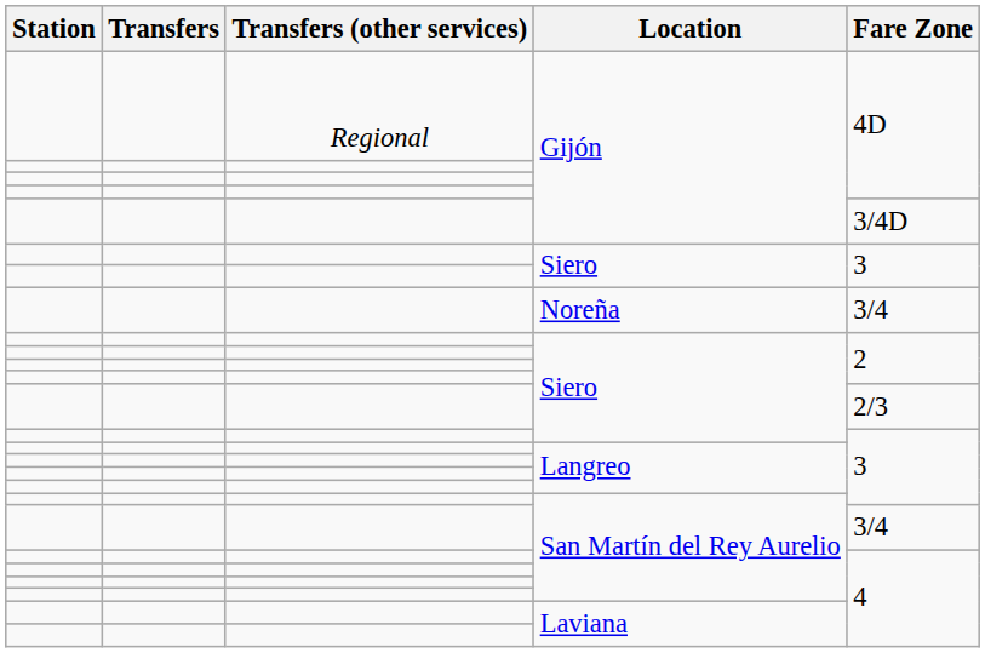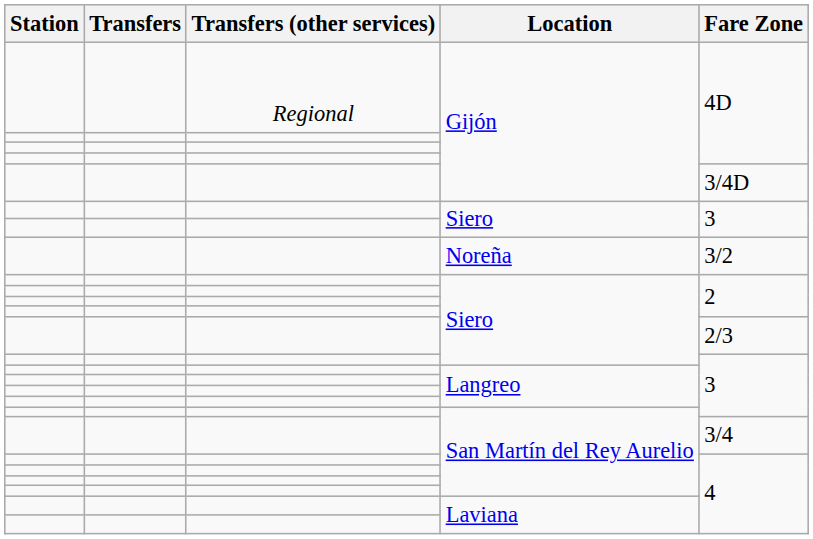 <table class="wikitable" style="font-size:90%">
 <tr>
 <th>Station</th>
 <th>Transfers</th>
 <th>Transfers (other services)</th>
 <th>Location</th>
 <th><strong>Fare Zone</strong></th>
 </tr>
 <tr>
 <td></td>
 <td align="center"></td>
 <td align="center"><br>  <br><em>Regional</em></td>
 <td rowspan="5"><a href='#'>Gijón</a></td>
 <td rowspan="4">4D</td>
 </tr>
 <tr>
 <td></td>
 <td align="center"></td>
 <td></td>
 </tr>
 <tr>
 <td></td>
 <td align="center"></td>
 <td></td>
 </tr>
 <tr>
 <td></td>
 <td align="center"></td>
 <td></td>
 </tr>
 <tr>
 <td></td>
 <td align="center"></td>
 <td></td>
 <td>3/4D</td>
 </tr>
 <tr>
 <td></td>
 <td align="center"></td>
 <td></td>
 <td rowspan="2"><a href='#'>Siero</a></td>
 <td rowspan="2">3</td>
 </tr>
 <tr>
 <td></td>
 <td align="center"></td>
 <td></td>
 </tr>
 <tr>
 <td></td>
 <td align="center"></td>
 <td></td>
 <td><a href='#'>Noreña</a></td>
-<td>3/4</td>
+<td>3/2</td>
 </tr>
 <tr>
 <td></td>
 <td align="center"></td>
 <td></td>
 <td rowspan="6"><a href='#'>Siero</a></td>
 <td rowspan="4">2</td>
 </tr>
 <tr>
 <td></td>
 <td align="center"></td>
 <td></td>
 </tr>
 <tr>
 <td></td>
 <td></td>
 <td></td>
 </tr>
 <tr>
 <td></td>
 <td></td>
 <td></td>
 </tr>
 <tr>
 <td></td>
 <td></td>
 <td></td>
 <td>2/3</td>
 </tr>
 <tr>
 <td></td>
 <td></td>
 <td></td>
 <td rowspan="6">3</td>
 </tr>
 <tr>
 <td></td>
 <td></td>
 <td></td>
 <td rowspan="4"><a href='#'>Langreo</a></td>
 </tr>
 <tr>
 <td></td>
 <td align="center"></td>
 <td></td>
 </tr>
 <tr>
 <td></td>
 <td align="center"></td>
 <td></td>
 </tr>
 <tr>
 <td></td>
 <td align="center"></td>
 <td></td>
 </tr>
 <tr>
 <td></td>
 <td></td>
 <td></td>
 <td rowspan="6"><a href='#'>San Martín del Rey Aurelio</a></td>
 </tr>
 <tr>
 <td></td>
 <td align="center"></td>
 <td></td>
 <td>3/4</td>
 </tr>
 <tr>
 <td></td>
 <td align="center"></td>
 <td></td>
 <td rowspan="6">4</td>
 </tr>
 <tr>
 <td></td>
 <td align="center"></td>
 <td></td>
 </tr>
 <tr>
 <td></td>
 <td align="center"></td>
 <td></td>
 </tr>
 <tr>
 <td></td>
 <td align="center"></td>
 <td></td>
 </tr>
 <tr>
 <td></td>
 <td align="center"></td>
 <td></td>
 <td rowspan="2"><a href='#'>Laviana</a></td>
 </tr>
 <tr>
 <td></td>
 <td align="center"></td>
 <td></td>
 </tr>
 </table>
